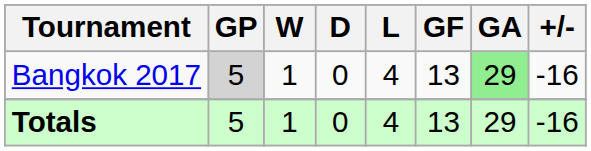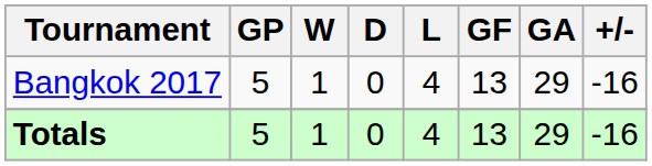 <table class="wikitable" style="text-align:center;">
 <tr>
 <th>Tournament</th>
 <th width=20>GP</th>
 <th width=20>W</th>
 <th width=20>D</th>
 <th width=20>L</th>
 <th width=20>GF</th>
 <th width=20>GA</th>
 <th width=20>+/-</th>
 </tr>
 <tr>
 <td style="text-align:left;"><a href='#'>Bangkok 2017</a></td>
-<td style="background: lightgrey;">5</td>
+<td>5</td>
 <td>1</td>
 <td>0</td>
 <td>4</td>
 <td>13</td>
-<td style="background: lightgreen;">29</td>
+<td>29</td>
 <td>-16</td>
 </tr>
 <tr>
 </tr>
 <tr style="background:#ccffcc;">
 <td style="text-align:left;"><strong>Totals</strong></td>
 <td>5</td>
 <td>1</td>
 <td>0</td>
 <td>4</td>
 <td>13</td>
 <td>29</td>
 <td>-16</td>
 </tr>
 </table>
